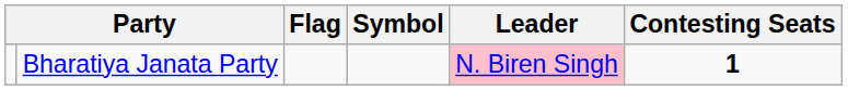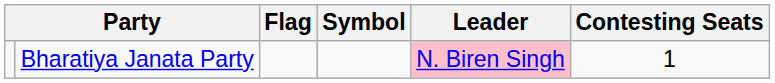 <table class="wikitable" style="text-align:center">
 <tr>
 <th colspan="2">Party</th>
 <th>Flag</th>
 <th>Symbol</th>
 <th>Leader</th>
 <th>Contesting Seats</th>
 </tr>
 <tr>
 <td></td>
 <td><a href='#'>Bharatiya Janata Party</a></td>
 <td></td>
 <td></td>
 <td style="background: pink;"><a href='#'>N. Biren Singh</a></td>
-<td><strong>1</strong></td>
+<td>1</td>
 </tr>
 </table>
